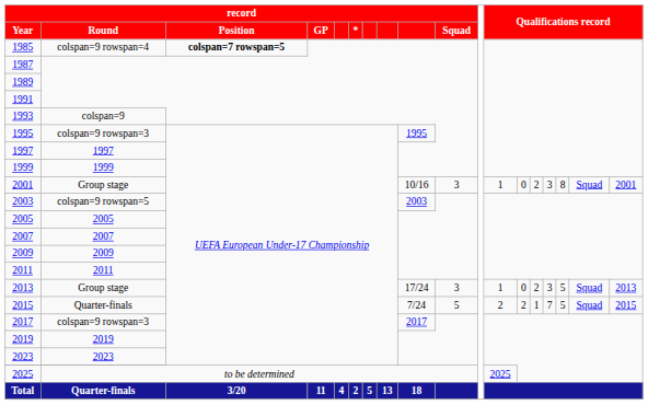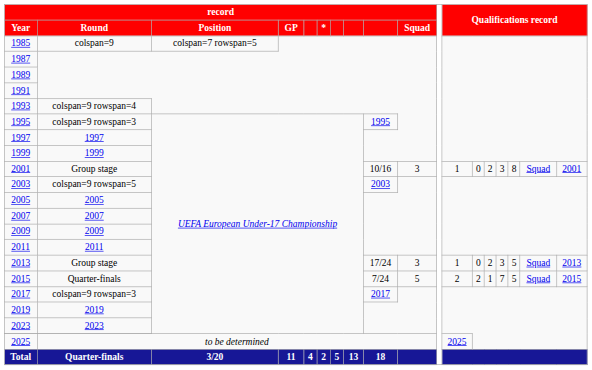 <table class="wikitable" style="font-size:90%; text-align:center;" width="100%" class="wikitable">
 <tr>
 <th colspan=10 style="background:#ff0000; color:white; "><a href='#'></a> record</th>
 <th width="1" rowspan=28 style="background:#FFFFFF; color:white"></th>
 <th colspan=7 rowspan=2 style="background:#ff0000; color:white; ">Qualifications record</th>
 </tr>
 <tr>
 <th style="background:#ff0000; color:white; ">Year</th>
 <th style="background:#ff0000; color:white; ">Round</th>
 <th style="background:#ff0000; color:white; ">Position</th>
 <th style="background:#ff0000; color:white; ">GP</th>
 <th style="background:#ff0000; color:white; "></th>
 <th style="background:#ff0000; color:white; ">*</th>
 <th style="background:#ff0000; color:white; "></th>
 <th style="background:#ff0000; color:white; "></th>
 <th style="background:#ff0000; color:white; "></th>
 <th style="background:#ff0000; color:white; ">Squad</th>
 </tr>
 <tr>
 <td> <a href='#'>1985</a></td>
-<td>colspan=9 rowspan=4 </td>
-<td><strong>colspan=7 rowspan=5 </strong></td>
+<td>colspan=9 </td>
+<td>colspan=7 rowspan=5 </td>
 </tr>
 <tr>
 <td> <a href='#'>1987</a></td>
 </tr>
 <tr>
 <td> <a href='#'>1989</a></td>
 </tr>
 <tr>
 <td> <a href='#'>1991</a></td>
 </tr>
 <tr>
 <td> <a href='#'>1993</a></td>
-<td>colspan=9 </td>
+<td>colspan=9 rowspan=4 </td>
 </tr>
 <tr>
 <td> <a href='#'>1995</a></td>
 <td>colspan=9 rowspan=3 </td>
 <td colspan=6 rowspan=15><em><a href='#'>UEFA European Under-17 Championship</a></em></td>
 <td><a href='#'>1995</a></td>
 </tr>
 <tr>
 <td> <a href='#'>1997</a></td>
 <td><a href='#'>1997</a></td>
 </tr>
 <tr>
 <td> <a href='#'>1999</a></td>
 <td><a href='#'>1999</a></td>
 </tr>
 <tr>
 <td> <a href='#'>2001</a></td>
 <td>Group stage</td>
 <td>10/16</td>
 <td>3</td>
 <td>1</td>
 <td>0</td>
 <td>2</td>
 <td>3</td>
 <td>8</td>
 <td><a href='#'>Squad</a></td>
 <td><a href='#'>2001</a></td>
 </tr>
 <tr>
 <td> <a href='#'>2003</a></td>
 <td>colspan=9 rowspan=5 </td>
 <td><a href='#'>2003</a></td>
 </tr>
 <tr>
 <td> <a href='#'>2005</a></td>
 <td><a href='#'>2005</a></td>
 </tr>
 <tr>
 <td> <a href='#'>2007</a></td>
 <td><a href='#'>2007</a></td>
 </tr>
 <tr>
 <td> <a href='#'>2009</a></td>
 <td><a href='#'>2009</a></td>
 </tr>
 <tr>
 <td> <a href='#'>2011</a></td>
 <td><a href='#'>2011</a></td>
 </tr>
 <tr>
 <td> <a href='#'>2013</a></td>
 <td>Group stage</td>
 <td>17/24</td>
 <td>3</td>
 <td>1</td>
 <td>0</td>
 <td>2</td>
 <td>3</td>
 <td>5</td>
 <td><a href='#'>Squad</a></td>
 <td><a href='#'>2013</a></td>
 </tr>
 <tr>
 <td> <a href='#'>2015</a></td>
 <td>Quarter-finals</td>
 <td>7/24</td>
 <td>5</td>
 <td>2</td>
 <td>2</td>
 <td>1</td>
 <td>7</td>
 <td>5</td>
 <td><a href='#'>Squad</a></td>
 <td><a href='#'>2015</a></td>
 </tr>
 <tr>
 <td> <a href='#'>2017</a></td>
 <td>colspan=9 rowspan=3 </td>
 <td><a href='#'>2017</a></td>
 </tr>
 <tr>
 <td> <a href='#'>2019</a></td>
 <td><a href='#'>2019</a></td>
 </tr>
 <tr>
 <td> <a href='#'>2023</a></td>
 <td><a href='#'>2023</a></td>
 </tr>
 <tr>
 </tr>
 <tr>
 <td> <a href='#'>2025</a></td>
 <td colspan=9><em>to be determined</em></td>
 <td><a href='#'>2025</a></td>
 </tr>
 <tr>
 <th style="background:#171796; color:white; ">Total</th>
 <th style="background:#171796; color:white; ">Quarter-finals</th>
 <th style="background:#171796; color:white; ">3/20</th>
 <th style="background:#171796; color:white; ">11</th>
 <th style="background:#171796; color:white; ">4</th>
 <th style="background:#171796; color:white; ">2</th>
 <th style="background:#171796; color:white; ">5</th>
 <th style="background:#171796; color:white; ">13</th>
 <th style="background:#171796; color:white; ">18</th>
 <th style="background:#171796; color:white; "></th>
 <th colspan=7 style="background:#171796; color:white; "></th>
 </tr>
 <tr>
 </tr>
 </table>
